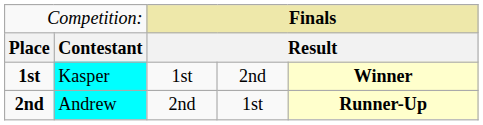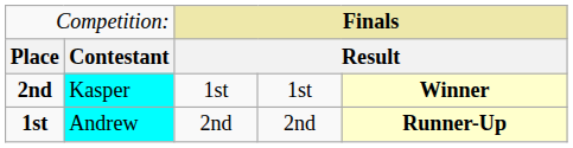 <table class="wikitable">
 <tr>
 <td width=30% colspan="2" align="right"><em>Competition:</em></td>
 <td colspan="11" bgcolor="palegoldenrod" align="Center"><strong>Finals</strong></td>
 </tr>
 <tr>
 <th>Place</th>
 <th>Contestant</th>
 <th colspan="14" align="center">Result</th>
 </tr>
 <tr>
-<td align="center"><strong>1st</strong></td>
+<td align="center"><strong>2nd</strong></td>
 <td bgcolor="cyan">Kasper</td>
 <td align="center">1st</td>
-<td align="center">2nd</td>
+<td align="center">1st</td>
 <td bgcolor="FFFFCC" align="center"><strong>Winner</strong></td>
 </tr>
 <tr>
-<td align="center"><strong>2nd</strong></td>
+<td align="center"><strong>1st</strong></td>
 <td bgcolor="cyan">Andrew</td>
 <td align="center">2nd</td>
-<td align="center">1st</td>
+<td align="center">2nd</td>
 <td bgcolor="FFFFCC" align="center"><strong>Runner-Up</strong></td>
 </tr>
 </table>
